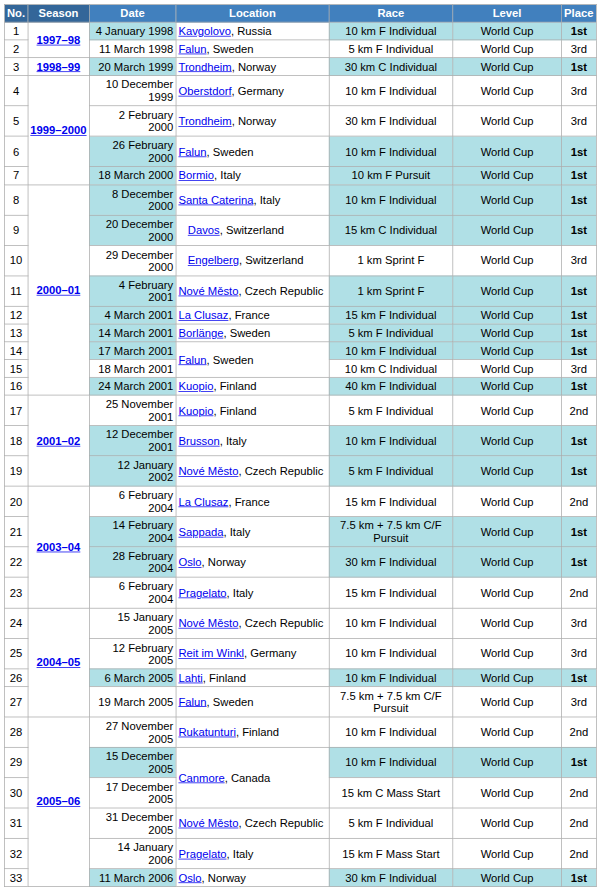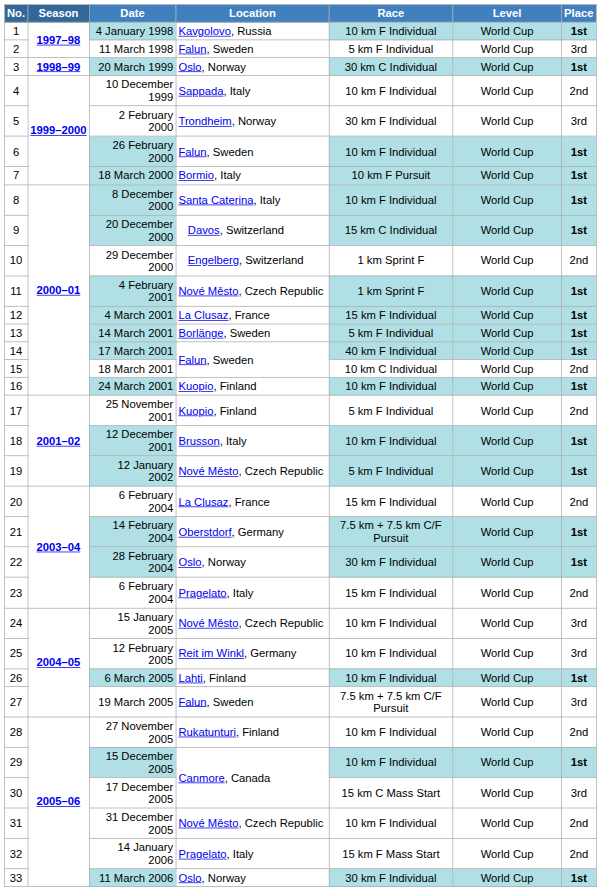 <table class="wikitable sortable" style="font-size:95%; text-align:center; border:grey solid 1px; border-collapse:collapse; background:#ffffff;">
 <tr style="background:#efefef;">
 <th style="background-color:#369; color:white;">No.</th>
 <th style="background-color:#369; color:white;">Season</th>
 <th style="background-color:#4180be; color:white; width:110px;">Date</th>
 <th style="background-color:#4180be; color:white; width:200px;">Location</th>
 <th style="background-color:#4180be; color:white; width:160px;">Race</th>
 <th style="background-color:#4180be; color:white; width:140px;">Level</th>
 <th style="background-color:#4180be; color:white;">Place</th>
 </tr>
 <tr>
 <td align=center>1</td>
 <td rowspan=2 align=center><strong><a href='#'>1997–98</a></strong></td>
 <td bgcolor="#BOEOE6" align=right>4 January 1998</td>
 <td align=left> <a href='#'>Kavgolovo</a>, Russia</td>
 <td bgcolor="#BOEOE6">10 km F Individual</td>
 <td bgcolor="#BOEOE6">World Cup</td>
 <td bgcolor="#BOEOE6"><strong>1st</strong></td>
 </tr>
 <tr>
 <td align=center>2</td>
 <td align=right>11 March 1998</td>
 <td align=left> <a href='#'>Falun</a>, Sweden</td>
 <td>5 km F Individual</td>
 <td>World Cup</td>
 <td>3rd</td>
 </tr>
 <tr>
 <td align=center>3</td>
 <td><strong><a href='#'>1998–99</a> </strong></td>
 <td bgcolor="#BOEOE6" align=right>20 March 1999</td>
-<td align=left> <a href='#'>Trondheim</a>, Norway</td>
+<td align=left> <a href='#'>Oslo</a>, Norway</td>
 <td bgcolor="#BOEOE6">30 km C Individual</td>
 <td bgcolor="#BOEOE6">World Cup</td>
 <td bgcolor="#BOEOE6"><strong>1st</strong></td>
 </tr>
 <tr>
 <td align=center>4</td>
 <td rowspan=4 align=center><strong><a href='#'>1999–2000</a></strong></td>
 <td align=right>10 December 1999</td>
-<td align=left> <a href='#'>Oberstdorf</a>, Germany</td>
+<td align=left> <a href='#'>Sappada</a>, Italy</td>
 <td>10 km F Individual</td>
 <td>World Cup</td>
-<td>3rd</td>
+<td>2nd</td>
 </tr>
 <tr>
 <td align=center>5</td>
 <td align=right>2 February 2000</td>
 <td align=left> <a href='#'>Trondheim</a>, Norway</td>
 <td>30 km F Individual</td>
 <td>World Cup</td>
 <td>3rd</td>
 </tr>
 <tr>
 <td align=center>6</td>
 <td bgcolor="#BOEOE6" align=right>26 February 2000</td>
 <td align=left> <a href='#'>Falun</a>, Sweden</td>
 <td bgcolor="#BOEOE6">10 km F Individual</td>
 <td bgcolor="#BOEOE6">World Cup</td>
 <td bgcolor="#BOEOE6"><strong>1st</strong></td>
 </tr>
 <tr>
 <td align=center>7</td>
 <td bgcolor="#BOEOE6" align=right>18 March 2000</td>
 <td align=left> <a href='#'>Bormio</a>, Italy</td>
 <td bgcolor="#BOEOE6">10 km F Pursuit</td>
 <td bgcolor="#BOEOE6">World Cup</td>
 <td bgcolor="#BOEOE6"><strong>1st</strong></td>
 </tr>
 <tr>
 <td align=center>8</td>
 <td rowspan=9 align=center><strong><a href='#'>2000–01</a></strong></td>
 <td bgcolor="#BOEOE6" align=right>8 December 2000</td>
 <td align=left> <a href='#'>Santa Caterina</a>, Italy</td>
 <td bgcolor="#BOEOE6">10 km F Individual</td>
 <td bgcolor="#BOEOE6"> World Cup </td>
 <td bgcolor="#BOEOE6"><strong>1st</strong></td>
 </tr>
 <tr>
 <td align=center>9</td>
 <td bgcolor="#BOEOE6" align=right>20 December 2000</td>
 <td align=left>   <a href='#'>Davos</a>, Switzerland</td>
 <td bgcolor="#BOEOE6">15 km C Individual</td>
 <td bgcolor="#BOEOE6">World Cup</td>
 <td bgcolor="#BOEOE6"><strong>1st</strong></td>
 </tr>
 <tr>
 <td align=center>10</td>
 <td align=right>29 December 2000</td>
 <td align=left>   <a href='#'>Engelberg</a>, Switzerland</td>
 <td>1 km Sprint F</td>
 <td>World Cup</td>
-<td>3rd</td>
+<td>2nd</td>
 </tr>
 <tr>
 <td align=center>11</td>
 <td bgcolor="#BOEOE6" align=right>4 February 2001</td>
 <td align=left> <a href='#'>Nové Město</a>, Czech Republic</td>
 <td bgcolor="#BOEOE6">1 km Sprint F</td>
 <td bgcolor="#BOEOE6">World Cup</td>
 <td bgcolor="#BOEOE6"><strong>1st</strong></td>
 </tr>
 <tr>
 <td align=center>12</td>
 <td bgcolor="#BOEOE6" align=right>4 March 2001</td>
 <td align=left> <a href='#'>La Clusaz</a>, France</td>
 <td bgcolor="#BOEOE6">15 km F Individual</td>
 <td bgcolor="#BOEOE6">World Cup</td>
 <td bgcolor="#BOEOE6"><strong>1st</strong></td>
 </tr>
 <tr>
 <td align=center>13</td>
 <td bgcolor="#BOEOE6" align=right>14 March 2001</td>
 <td align=left> <a href='#'>Borlänge</a>, Sweden</td>
 <td bgcolor="#BOEOE6">5 km F Individual</td>
 <td bgcolor="#BOEOE6">World Cup</td>
 <td bgcolor="#BOEOE6"><strong>1st</strong></td>
 </tr>
 <tr>
 <td align=center>14</td>
 <td bgcolor="#BOEOE6" align=right>17 March 2001</td>
 <td rowspan=2 align=left> <a href='#'>Falun</a>, Sweden</td>
-<td bgcolor="#BOEOE6">10 km F Individual</td>
+<td bgcolor="#BOEOE6">40 km F Individual</td>
 <td bgcolor="#BOEOE6">World Cup</td>
 <td bgcolor="#BOEOE6"><strong>1st</strong></td>
 </tr>
 <tr>
 <td align=center>15</td>
 <td align=right>18 March 2001</td>
 <td>10 km C Individual</td>
 <td>World Cup</td>
-<td>3rd</td>
+<td>2nd</td>
 </tr>
 <tr>
 <td align=center>16</td>
 <td bgcolor="#BOEOE6" align=right>24 March 2001</td>
 <td align=left> <a href='#'>Kuopio</a>, Finland</td>
-<td bgcolor="#BOEOE6">40 km F Individual</td>
+<td bgcolor="#BOEOE6">10 km F Individual</td>
 <td bgcolor="#BOEOE6">World Cup</td>
 <td bgcolor="#BOEOE6"><strong>1st</strong></td>
 </tr>
 <tr>
 <td align=center>17</td>
 <td rowspan=3 align=center><strong><a href='#'>2001–02</a></strong></td>
 <td align=right>25 November 2001</td>
 <td align=left> <a href='#'>Kuopio</a>, Finland</td>
 <td>5 km F Individual</td>
 <td>World Cup</td>
 <td>2nd</td>
 </tr>
 <tr>
 <td align=center>18</td>
 <td bgcolor="#BOEOE6" align=right>12 December 2001</td>
 <td align=left> <a href='#'>Brusson</a>, Italy</td>
 <td bgcolor="#BOEOE6">10 km F Individual</td>
 <td bgcolor="#BOEOE6">World Cup</td>
 <td bgcolor="#BOEOE6"><strong>1st</strong></td>
 </tr>
 <tr>
 <td align=center>19</td>
 <td bgcolor="#BOEOE6" align=right>12 January 2002</td>
 <td align=left> <a href='#'>Nové Město</a>, Czech Republic</td>
 <td bgcolor="#BOEOE6">5 km F Individual</td>
 <td bgcolor="#BOEOE6">World Cup</td>
 <td bgcolor="#BOEOE6"><strong>1st</strong></td>
 </tr>
 <tr>
 <td align=center>20</td>
 <td rowspan=4 align=center><strong><a href='#'>2003–04</a></strong></td>
 <td align=right>6 February 2004</td>
 <td align=left> <a href='#'>La Clusaz</a>, France</td>
 <td>15 km F Individual</td>
 <td>World Cup</td>
 <td>2nd</td>
 </tr>
 <tr>
 <td align=center>21</td>
 <td bgcolor="#BOEOE6" align=right>14 February 2004</td>
-<td align=left> <a href='#'>Sappada</a>, Italy</td>
+<td align=left> <a href='#'>Oberstdorf</a>, Germany</td>
 <td bgcolor="#BOEOE6">7.5 km + 7.5 km C/F Pursuit</td>
 <td bgcolor="#BOEOE6">World Cup</td>
 <td bgcolor="#BOEOE6"><strong>1st</strong></td>
 </tr>
 <tr>
 <td align=center>22</td>
 <td bgcolor="#BOEOE6" align=right>28 February 2004</td>
 <td align=left> <a href='#'>Oslo</a>, Norway</td>
 <td bgcolor="#BOEOE6">30 km F Individual</td>
 <td bgcolor="#BOEOE6">World Cup</td>
 <td bgcolor="#BOEOE6"><strong>1st</strong></td>
 </tr>
 <tr>
 <td align=center>23</td>
 <td align=right>6 February 2004</td>
 <td align=left> <a href='#'>Pragelato</a>, Italy</td>
 <td>15 km F Individual</td>
 <td>World Cup</td>
 <td>2nd</td>
 </tr>
 <tr>
 <td align=center>24</td>
 <td rowspan=4 align=center><strong><a href='#'>2004–05</a></strong></td>
 <td align=right>15 January 2005</td>
 <td align=left> <a href='#'>Nové Město</a>, Czech Republic</td>
 <td>10 km F Individual</td>
 <td>World Cup</td>
 <td>3rd</td>
 </tr>
 <tr>
 <td align=center>25</td>
 <td align=right>12 February 2005</td>
 <td align=left> <a href='#'>Reit im Winkl</a>, Germany</td>
 <td>10 km F Individual</td>
 <td>World Cup</td>
 <td>3rd</td>
 </tr>
 <tr>
 <td align=center>26</td>
 <td bgcolor="#BOEOE6" align=right>6 March 2005</td>
 <td align=left> <a href='#'>Lahti</a>, Finland</td>
 <td bgcolor="#BOEOE6">10 km F Individual</td>
 <td bgcolor="#BOEOE6">World Cup</td>
 <td bgcolor="#BOEOE6"><strong>1st</strong></td>
 </tr>
 <tr>
 <td align=center>27</td>
 <td align=right>19 March 2005</td>
 <td align=left> <a href='#'>Falun</a>, Sweden</td>
 <td>7.5 km + 7.5 km C/F Pursuit</td>
 <td>World Cup</td>
 <td>3rd</td>
 </tr>
 <tr>
 <td align=center>28</td>
 <td rowspan=6 align=center><strong><a href='#'>2005–06</a></strong></td>
 <td align=right>27 November 2005</td>
 <td align=left> <a href='#'>Rukatunturi</a>, Finland</td>
 <td>10 km F Individual</td>
 <td>World Cup</td>
 <td>2nd</td>
 </tr>
 <tr>
 <td align=center>29</td>
 <td bgcolor="#BOEOE6" align=right>15 December 2005</td>
 <td rowspan=2 align=left> <a href='#'>Canmore</a>, Canada</td>
 <td bgcolor="#BOEOE6">10 km F Individual</td>
 <td bgcolor="#BOEOE6">World Cup</td>
 <td bgcolor="#BOEOE6"><strong>1st</strong></td>
 </tr>
 <tr>
 <td align=center>30</td>
 <td align=right>17 December 2005</td>
 <td>15 km C Mass Start</td>
 <td>World Cup</td>
-<td>2nd</td>
+<td>3rd</td>
 </tr>
 <tr>
 <td align=center>31</td>
 <td align=right>31 December 2005</td>
 <td align=left> <a href='#'>Nové Město</a>, Czech Republic</td>
-<td>5 km F Individual</td>
+<td>10 km F Individual</td>
 <td>World Cup</td>
 <td>2nd</td>
 </tr>
 <tr>
 <td align=center>32</td>
 <td align=right>14 January 2006</td>
 <td align=left> <a href='#'>Pragelato</a>, Italy</td>
 <td>15 km F Mass Start</td>
 <td>World Cup</td>
 <td>2nd</td>
 </tr>
 <tr>
 <td align=center>33</td>
 <td bgcolor="#BOEOE6" align=right>11 March 2006</td>
 <td align=left> <a href='#'>Oslo</a>, Norway</td>
 <td bgcolor="#BOEOE6">30 km F Individual</td>
 <td bgcolor="#BOEOE6">World Cup</td>
 <td bgcolor="#BOEOE6"><strong>1st</strong></td>
 </tr>
 </table>
